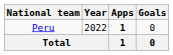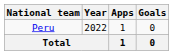 <table class="wikitable" style="text-align:center">
 <tr>
 <th>National team</th>
 <th>Year</th>
 <th>Apps</th>
 <th>Goals</th>
 </tr>
 <tr>
 <td rowspan="1"><a href='#'>Peru</a></td>
 <td>2022</td>
-<td><strong>1</strong></td>
+<td>1</td>
 <td>0</td>
 </tr>
 <tr>
 <th colspan="2">Total</th>
 <th>1</th>
 <th>0</th>
 </tr>
 </table>
